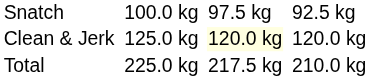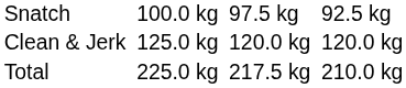 <table>
 <tr>
 <td>Snatch</td>
 <td></td>
 <td>100.0 kg</td>
 <td></td>
 <td>97.5 kg</td>
 <td></td>
 <td>92.5 kg</td>
 </tr>
 <tr>
 <td>Clean & Jerk</td>
 <td></td>
 <td>125.0 kg</td>
 <td></td>
-<td style="background: lightyellow;">120.0 kg</td>
+<td>120.0 kg</td>
 <td></td>
 <td>120.0 kg</td>
 </tr>
 <tr>
 <td>Total</td>
 <td></td>
 <td>225.0 kg</td>
 <td></td>
 <td>217.5 kg</td>
 <td></td>
 <td>210.0 kg</td>
 </tr>
 </table>
